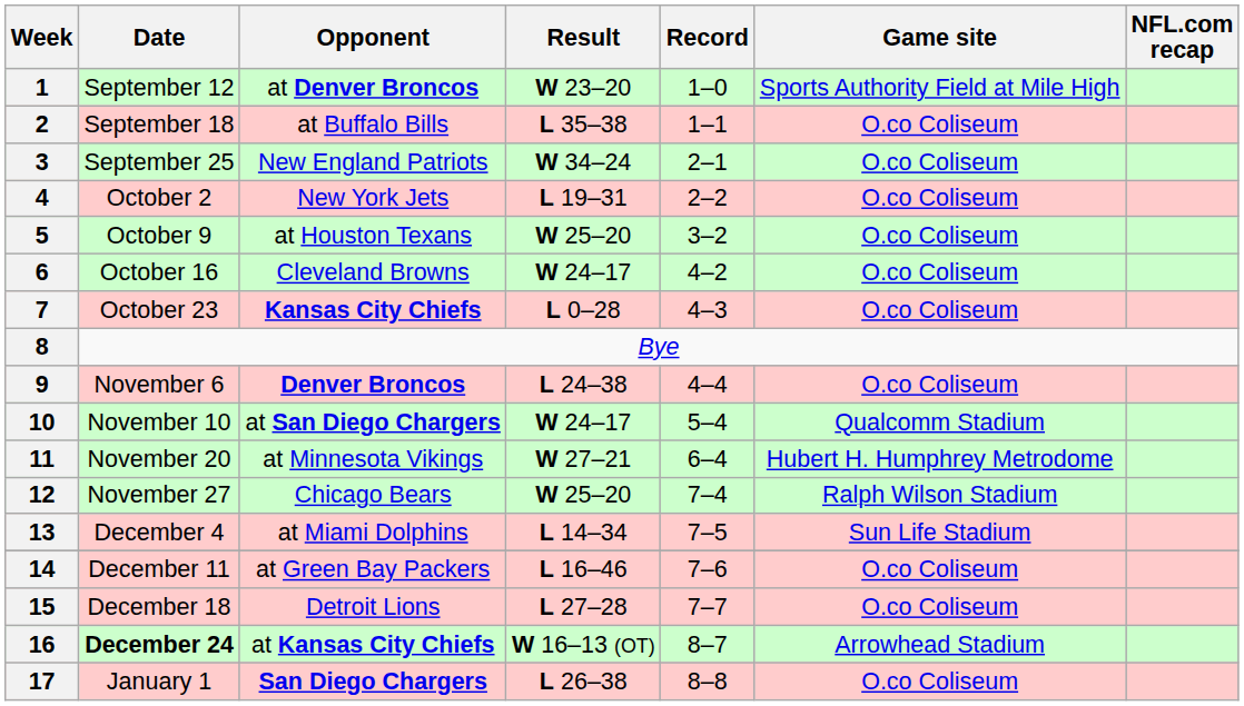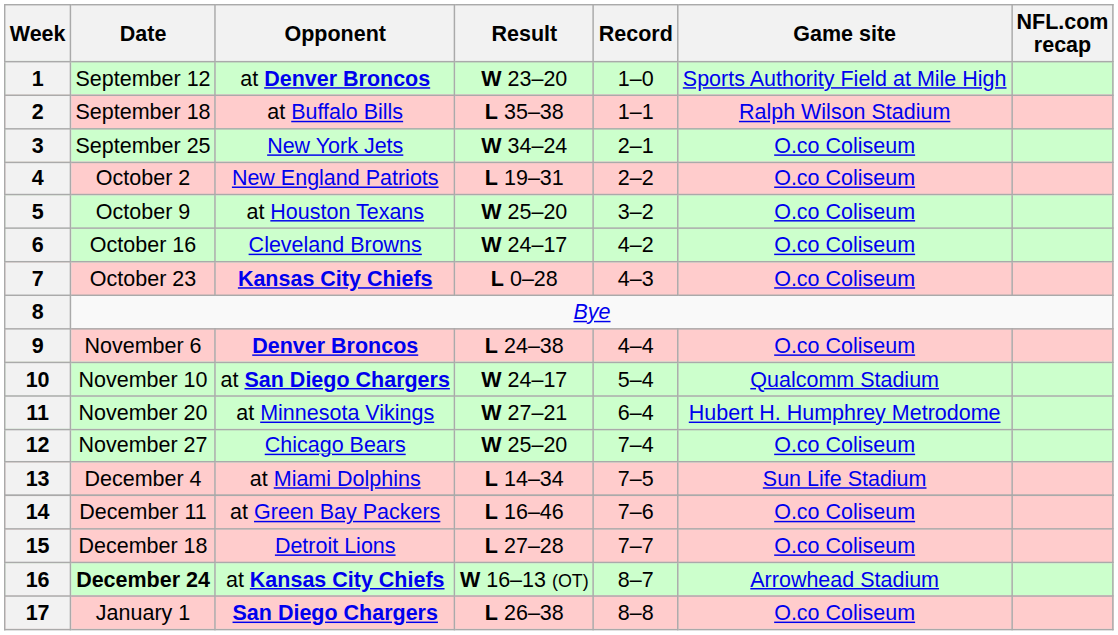 <table class="wikitable" align="center" style="font-size: 92%">
 <tr>
 <th +>Week</th>
 <th +>Date</th>
 <th +>Opponent</th>
 <th +>Result</th>
 <th +>Record</th>
 <th +>Game site</th>
 <th +>NFL.com<br>recap</th>
 </tr>
 <tr style="background:#cfc">
 <th>1</th>
 <td style="text-align:center;">September 12</td>
 <td style="text-align:center;">at <strong><a href='#'>Denver Broncos</a></strong></td>
 <td style="text-align:center;"><strong>W</strong> 23–20</td>
 <td style="text-align:center;">1–0</td>
 <td style="text-align:center;"><a href='#'>Sports Authority Field at Mile High</a></td>
 <td style="text-align:center;"></td>
 </tr>
 <tr style="background:#fcc">
 <th>2</th>
 <td style="text-align:center;">September 18</td>
 <td style="text-align:center;">at <a href='#'>Buffalo Bills</a></td>
 <td style="text-align:center;"><strong>L</strong> 35–38</td>
 <td style="text-align:center;">1–1</td>
-<td style="text-align:center;"><a href='#'>O.co Coliseum</a></td>
+<td style="text-align:center;"><a href='#'>Ralph Wilson Stadium</a></td>
 <td style="text-align:center;"></td>
 </tr>
 <tr style="background:#cfc">
 <th>3</th>
 <td style="text-align:center;">September 25</td>
-<td style="text-align:center;"><a href='#'>New England Patriots</a></td>
+<td style="text-align:center;"><a href='#'>New York Jets</a></td>
 <td style="text-align:center;"><strong>W</strong> 34–24</td>
 <td style="text-align:center;">2–1</td>
 <td style="text-align:center;"><a href='#'>O.co Coliseum</a></td>
 <td style="text-align:center;"></td>
 </tr>
 <tr style="background:#fcc">
 <th>4</th>
 <td style="text-align:center;">October 2</td>
-<td style="text-align:center;"><a href='#'>New York Jets</a></td>
+<td style="text-align:center;"><a href='#'>New England Patriots</a></td>
 <td style="text-align:center;"><strong>L</strong> 19–31</td>
 <td style="text-align:center;">2–2</td>
 <td style="text-align:center;"><a href='#'>O.co Coliseum</a></td>
 <td style="text-align:center;"></td>
 </tr>
 <tr style="background:#cfc">
 <th>5</th>
 <td style="text-align:center;">October 9</td>
 <td style="text-align:center;">at <a href='#'>Houston Texans</a></td>
 <td style="text-align:center;"><strong>W</strong> 25–20</td>
 <td style="text-align:center;">3–2</td>
 <td style="text-align:center;"><a href='#'>O.co Coliseum</a></td>
 <td style="text-align:center;"></td>
 </tr>
 <tr style="background:#cfc">
 <th>6</th>
 <td style="text-align:center;">October 16</td>
 <td style="text-align:center;"><a href='#'>Cleveland Browns</a></td>
 <td style="text-align:center;"><strong>W</strong> 24–17</td>
 <td style="text-align:center;">4–2</td>
 <td style="text-align:center;"><a href='#'>O.co Coliseum</a></td>
 <td style="text-align:center;"></td>
 </tr>
 <tr style="background:#fcc">
 <th>7</th>
 <td style="text-align:center;">October 23</td>
 <td style="text-align:center;"><strong><a href='#'>Kansas City Chiefs</a></strong></td>
 <td style="text-align:center;"><strong>L</strong> 0–28</td>
 <td style="text-align:center;">4–3</td>
 <td style="text-align:center;"><a href='#'>O.co Coliseum</a></td>
 <td style="text-align:center;"></td>
 </tr>
 <tr style="background:#">
 <th>8</th>
 <td colspan="8" style="text-align:center;"><em><a href='#'>Bye</a></em></td>
 </tr>
 <tr style="background:#fcc">
 <th>9</th>
 <td style="text-align:center;">November 6</td>
 <td style="text-align:center;"><strong><a href='#'>Denver Broncos</a></strong></td>
 <td style="text-align:center;"><strong>L</strong> 24–38</td>
 <td style="text-align:center;">4–4</td>
 <td style="text-align:center;"><a href='#'>O.co Coliseum</a></td>
 <td style="text-align:center;"></td>
 </tr>
 <tr style="background:#cfc">
 <th>10</th>
 <td style="text-align:center;">November 10</td>
 <td style="text-align:center;">at <strong><a href='#'>San Diego Chargers</a></strong></td>
 <td style="text-align:center;"><strong>W</strong> 24–17</td>
 <td style="text-align:center;">5–4</td>
 <td style="text-align:center;"><a href='#'>Qualcomm Stadium</a></td>
 <td style="text-align:center;"></td>
 </tr>
 <tr style="background:#cfc">
 <th>11</th>
 <td style="text-align:center;">November 20</td>
 <td style="text-align:center;">at <a href='#'>Minnesota Vikings</a></td>
 <td style="text-align:center;"><strong>W</strong> 27–21</td>
 <td style="text-align:center;">6–4</td>
 <td style="text-align:center;"><a href='#'>Hubert H. Humphrey Metrodome</a></td>
 <td style="text-align:center;"></td>
 </tr>
 <tr style="background:#cfc">
 <th>12</th>
 <td style="text-align:center;">November 27</td>
 <td style="text-align:center;"><a href='#'>Chicago Bears</a></td>
 <td style="text-align:center;"><strong>W</strong> 25–20</td>
 <td style="text-align:center;">7–4</td>
-<td style="text-align:center;"><a href='#'>Ralph Wilson Stadium</a></td>
+<td style="text-align:center;"><a href='#'>O.co Coliseum</a></td>
 <td style="text-align:center;"></td>
 </tr>
 <tr style="background:#fcc">
 <th>13</th>
 <td style="text-align:center;">December 4</td>
 <td style="text-align:center;">at <a href='#'>Miami Dolphins</a></td>
 <td style="text-align:center;"><strong>L</strong> 14–34</td>
 <td style="text-align:center;">7–5</td>
 <td style="text-align:center;"><a href='#'>Sun Life Stadium</a></td>
 <td style="text-align:center;"></td>
 </tr>
 <tr style="background:#">
 </tr>
 <tr style="background:#fcc">
 <th>14</th>
 <td style="text-align:center;">December 11</td>
 <td style="text-align:center;">at <a href='#'>Green Bay Packers</a></td>
 <td style="text-align:center;"><strong>L</strong> 16–46</td>
 <td style="text-align:center;">7–6</td>
 <td style="text-align:center;"><a href='#'>O.co Coliseum</a></td>
 <td style="text-align:center;"></td>
 </tr>
 <tr style="background:#fcc">
 <th>15</th>
 <td style="text-align:center;">December 18</td>
 <td style="text-align:center;"><a href='#'>Detroit Lions</a></td>
 <td style="text-align:center;"><strong>L</strong> 27–28</td>
 <td style="text-align:center;">7–7</td>
 <td style="text-align:center;"><a href='#'>O.co Coliseum</a></td>
 <td style="text-align:center;"></td>
 </tr>
 <tr style="background:#cfc">
 <th>16</th>
 <td style="text-align:center;"><strong>December 24</strong></td>
 <td style="text-align:center;">at <strong><a href='#'>Kansas City Chiefs</a></strong></td>
 <td style="text-align:center;"><strong>W</strong> 16–13 <small>(OT)</small></td>
 <td style="text-align:center;">8–7</td>
 <td style="text-align:center;"><a href='#'>Arrowhead Stadium</a></td>
 <td style="text-align:center;"></td>
 </tr>
 <tr style="background:#fcc">
 <th>17</th>
 <td style="text-align:center;">January 1</td>
 <td style="text-align:center;"><strong><a href='#'>San Diego Chargers</a></strong></td>
 <td style="text-align:center;"><strong>L</strong> 26–38</td>
 <td style="text-align:center;">8–8</td>
 <td style="text-align:center;"><a href='#'>O.co Coliseum</a></td>
 <td style="text-align:center;"></td>
 </tr>
 </table>
